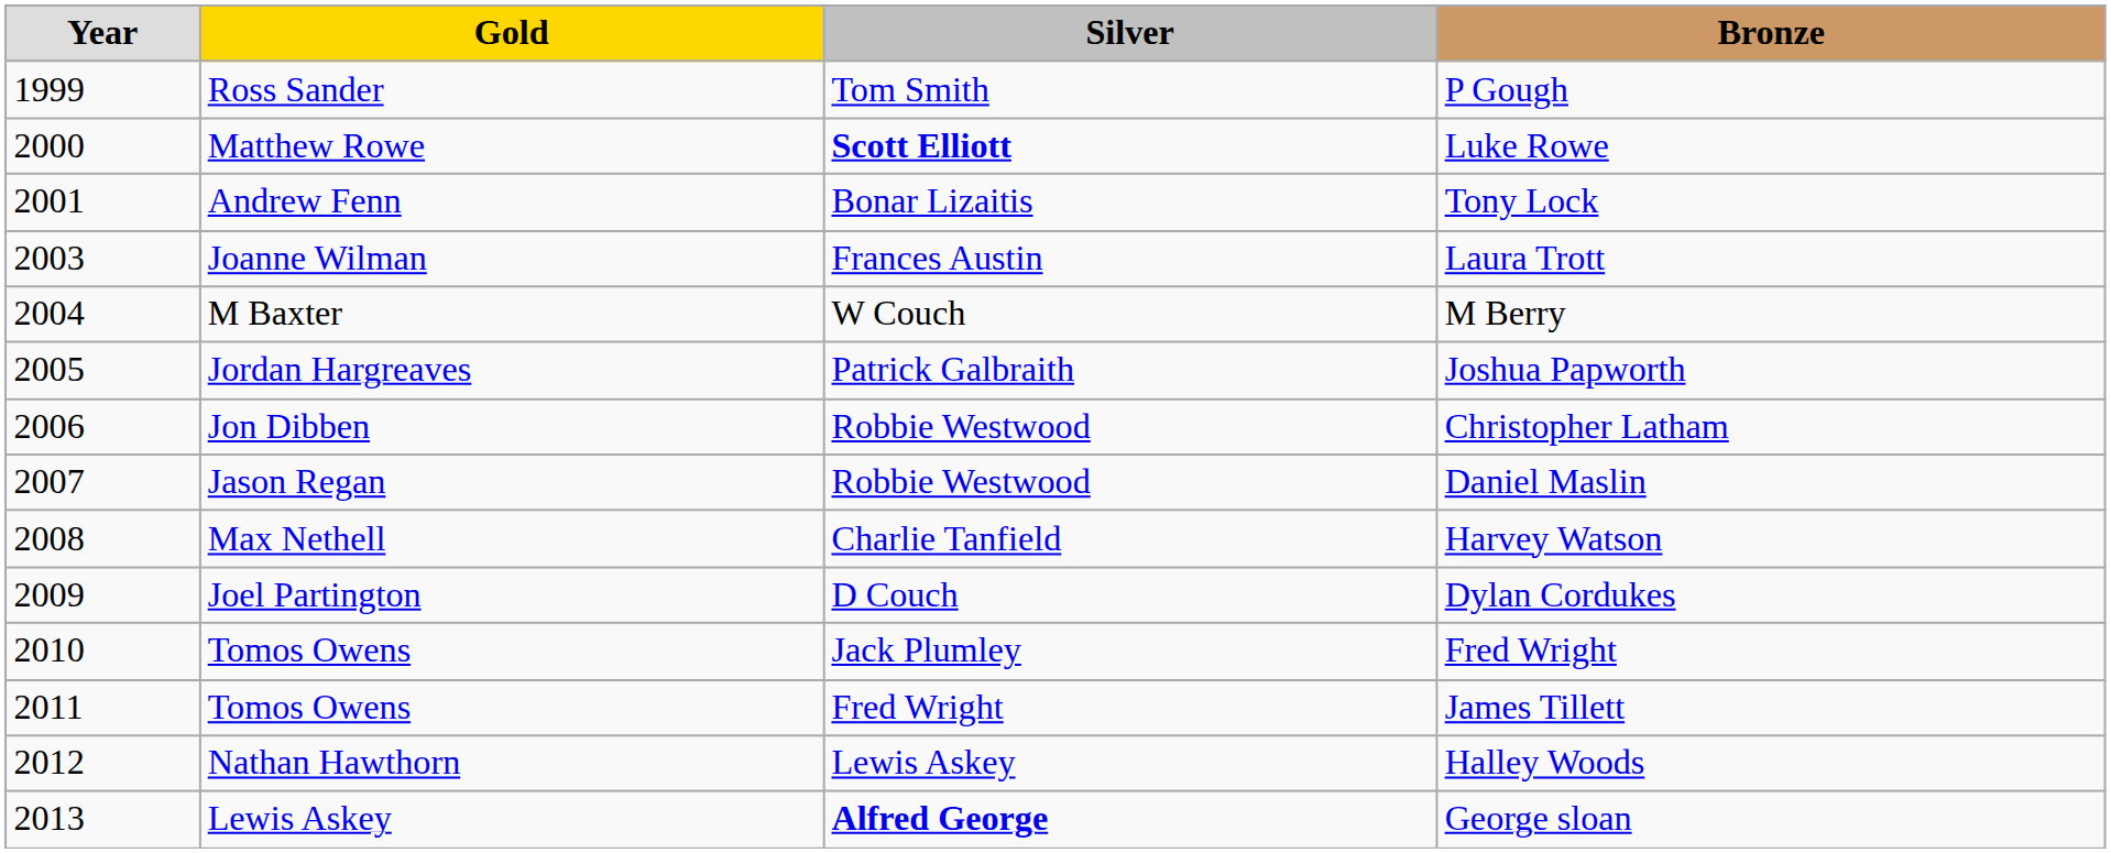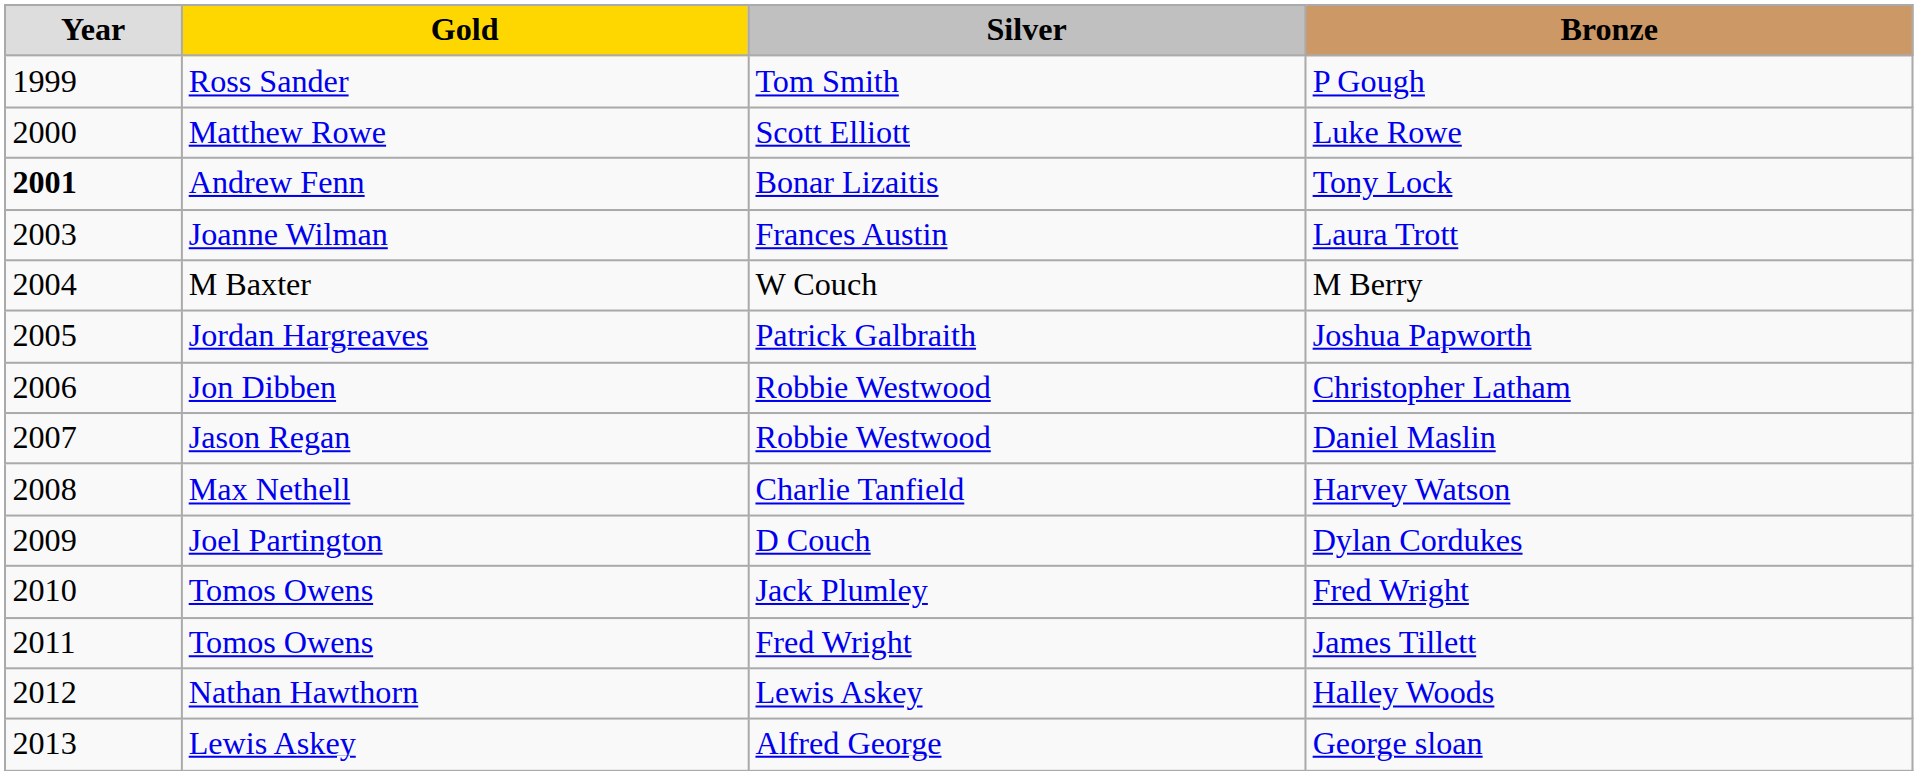 <table class="wikitable" style="width: 60%; text-align:left;">
 <tr style="text-align:center; font-weight:bold;">
 <td style="background:#ddd; ">Year</td>
 <td style="background:gold; ">Gold</td>
 <td style="background:silver; ">Silver</td>
 <td style="background:#c96; ">Bronze</td>
 </tr>
 <tr>
 <td>1999</td>
 <td><a href='#'>Ross Sander</a></td>
 <td><a href='#'>Tom Smith</a></td>
 <td><a href='#'>P Gough</a></td>
 </tr>
 <tr>
 <td>2000</td>
 <td><a href='#'>Matthew Rowe</a></td>
-<td><strong><a href='#'>Scott Elliott</a></strong></td>
+<td><a href='#'>Scott Elliott</a></td>
 <td><a href='#'>Luke Rowe</a></td>
 </tr>
 <tr>
-<td>2001</td>
+<td><strong>2001</strong></td>
 <td><a href='#'>Andrew Fenn</a></td>
 <td><a href='#'>Bonar Lizaitis</a></td>
 <td><a href='#'>Tony Lock</a></td>
 </tr>
 <tr>
 <td>2003</td>
 <td><a href='#'>Joanne Wilman</a></td>
 <td><a href='#'>Frances Austin</a></td>
 <td><a href='#'>Laura Trott</a></td>
 </tr>
 <tr>
 <td>2004</td>
 <td>M Baxter</td>
 <td>W Couch</td>
 <td>M Berry</td>
 </tr>
 <tr>
 <td>2005</td>
 <td><a href='#'>Jordan Hargreaves</a></td>
 <td><a href='#'>Patrick Galbraith</a></td>
 <td><a href='#'>Joshua Papworth</a></td>
 </tr>
 <tr>
 <td>2006</td>
 <td><a href='#'>Jon Dibben</a></td>
 <td><a href='#'>Robbie Westwood</a></td>
 <td><a href='#'>Christopher Latham</a></td>
 </tr>
 <tr>
 <td>2007</td>
 <td><a href='#'>Jason Regan</a></td>
 <td><a href='#'>Robbie Westwood</a></td>
 <td><a href='#'>Daniel Maslin</a></td>
 </tr>
 <tr>
 <td>2008</td>
 <td><a href='#'>Max Nethell</a></td>
 <td><a href='#'>Charlie Tanfield</a></td>
 <td><a href='#'>Harvey Watson</a></td>
 </tr>
 <tr>
 <td>2009</td>
 <td><a href='#'>Joel Partington</a></td>
 <td><a href='#'>D Couch</a></td>
 <td><a href='#'>Dylan Cordukes</a></td>
 </tr>
 <tr>
 <td>2010</td>
 <td><a href='#'>Tomos Owens</a></td>
 <td><a href='#'>Jack Plumley</a></td>
 <td><a href='#'>Fred Wright</a></td>
 </tr>
 <tr>
 <td>2011</td>
 <td><a href='#'>Tomos Owens</a></td>
 <td><a href='#'>Fred Wright</a></td>
 <td><a href='#'>James Tillett</a></td>
 </tr>
 <tr>
 <td>2012</td>
 <td><a href='#'>Nathan Hawthorn</a></td>
 <td><a href='#'>Lewis Askey</a></td>
 <td><a href='#'>Halley Woods</a></td>
 </tr>
 <tr>
 <td>2013</td>
 <td><a href='#'>Lewis Askey</a></td>
-<td><strong><a href='#'>Alfred George</a></strong></td>
+<td><a href='#'>Alfred George</a></td>
 <td><a href='#'>George sloan</a></td>
 </tr>
 </table>
